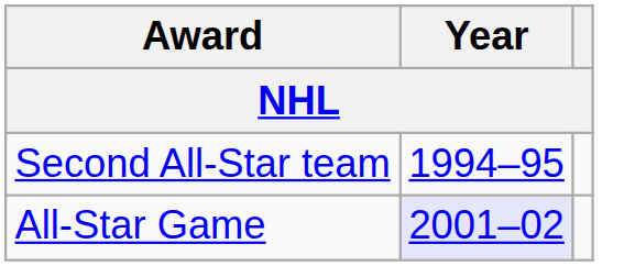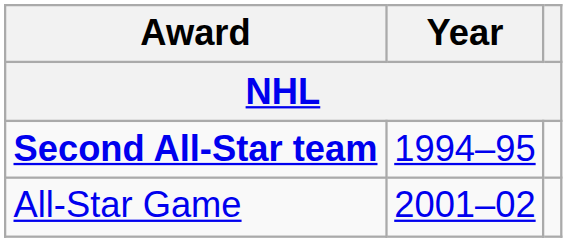 <table class="wikitable">
 <tr>
 <th>Award</th>
 <th>Year</th>
 <th></th>
 </tr>
 <tr ALIGN="center" bgcolor="#e0e0e0">
 <th colspan="3"><a href='#'>NHL</a></th>
 </tr>
 <tr>
-<td><a href='#'>Second All-Star team</a></td>
+<td><strong><a href='#'>Second All-Star team</a></strong></td>
 <td><a href='#'>1994–95</a></td>
 <td></td>
 </tr>
 <tr>
 <td><a href='#'>All-Star Game</a></td>
-<td style="background: lavender;"><a href='#'>2001–02</a></td>
+<td><a href='#'>2001–02</a></td>
 <td></td>
 </tr>
 </table>
